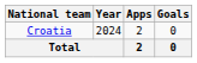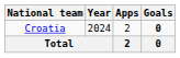 <table class="wikitable" style="text-align:center">
 <tr>
 <th>National team</th>
 <th>Year</th>
 <th>Apps</th>
 <th>Goals</th>
 </tr>
 <tr>
 <td><a href='#'>Croatia</a></td>
 <td>2024</td>
 <td>2</td>
-<td>0</td>
+<td><strong>0</strong></td>
 </tr>
 <tr>
 <th colspan="2">Total</th>
 <th>2</th>
 <th>0</th>
 </tr>
 </table>
